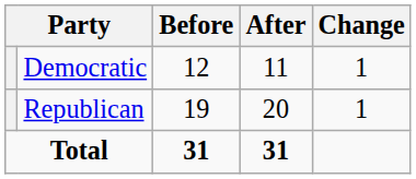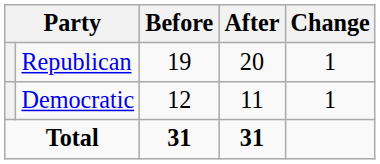 <table class="wikitable" style="text-align:center;">
 <tr>
 <th colspan="2">Party</th>
 <th>Before</th>
 <th>After</th>
 <th>Change</th>
 </tr>
 <tr>
 <th style="background-color:"></th>
-<td style="text-align:left;"><a href='#'>Democratic</a></td>
-<td>12</td>
-<td>11</td>
+<td style="text-align:left;"><a href='#'>Republican</a></td>
+<td>19</td>
+<td>20</td>
 <td> 1</td>
 </tr>
 <tr>
 <th style="background-color:"></th>
-<td style="text-align:left;"><a href='#'>Republican</a></td>
-<td>19</td>
-<td>20</td>
+<td style="text-align:left;"><a href='#'>Democratic</a></td>
+<td>12</td>
+<td>11</td>
 <td> 1</td>
 </tr>
 <tr>
 <td colspan="2"><strong>Total</strong></td>
 <td><strong>31</strong></td>
 <td><strong>31</strong></td>
 <td></td>
 </tr>
 </table>
